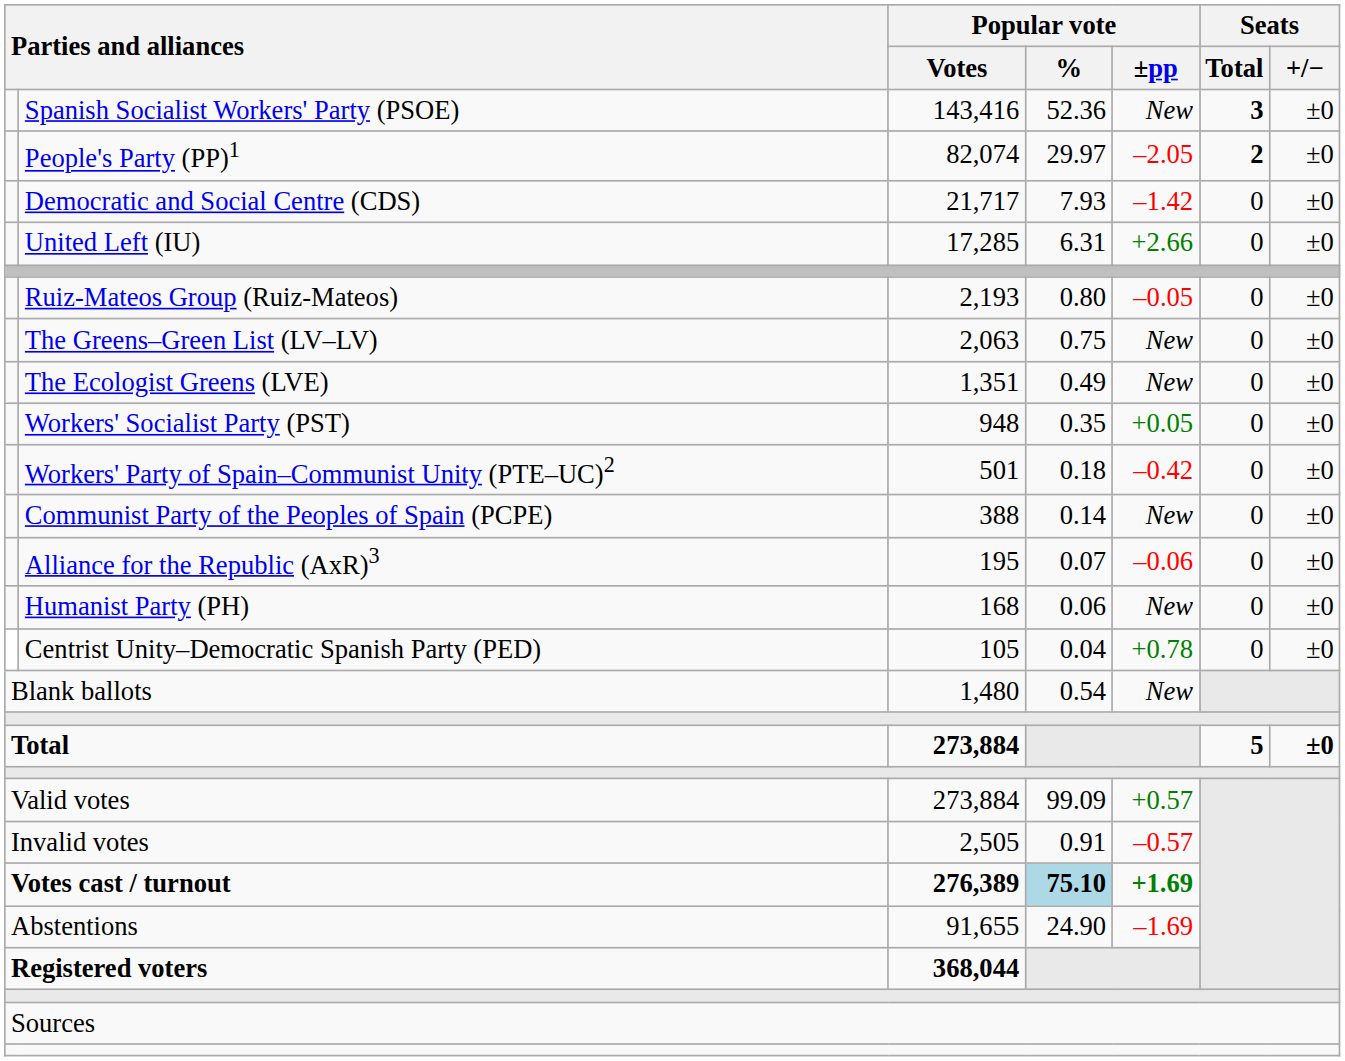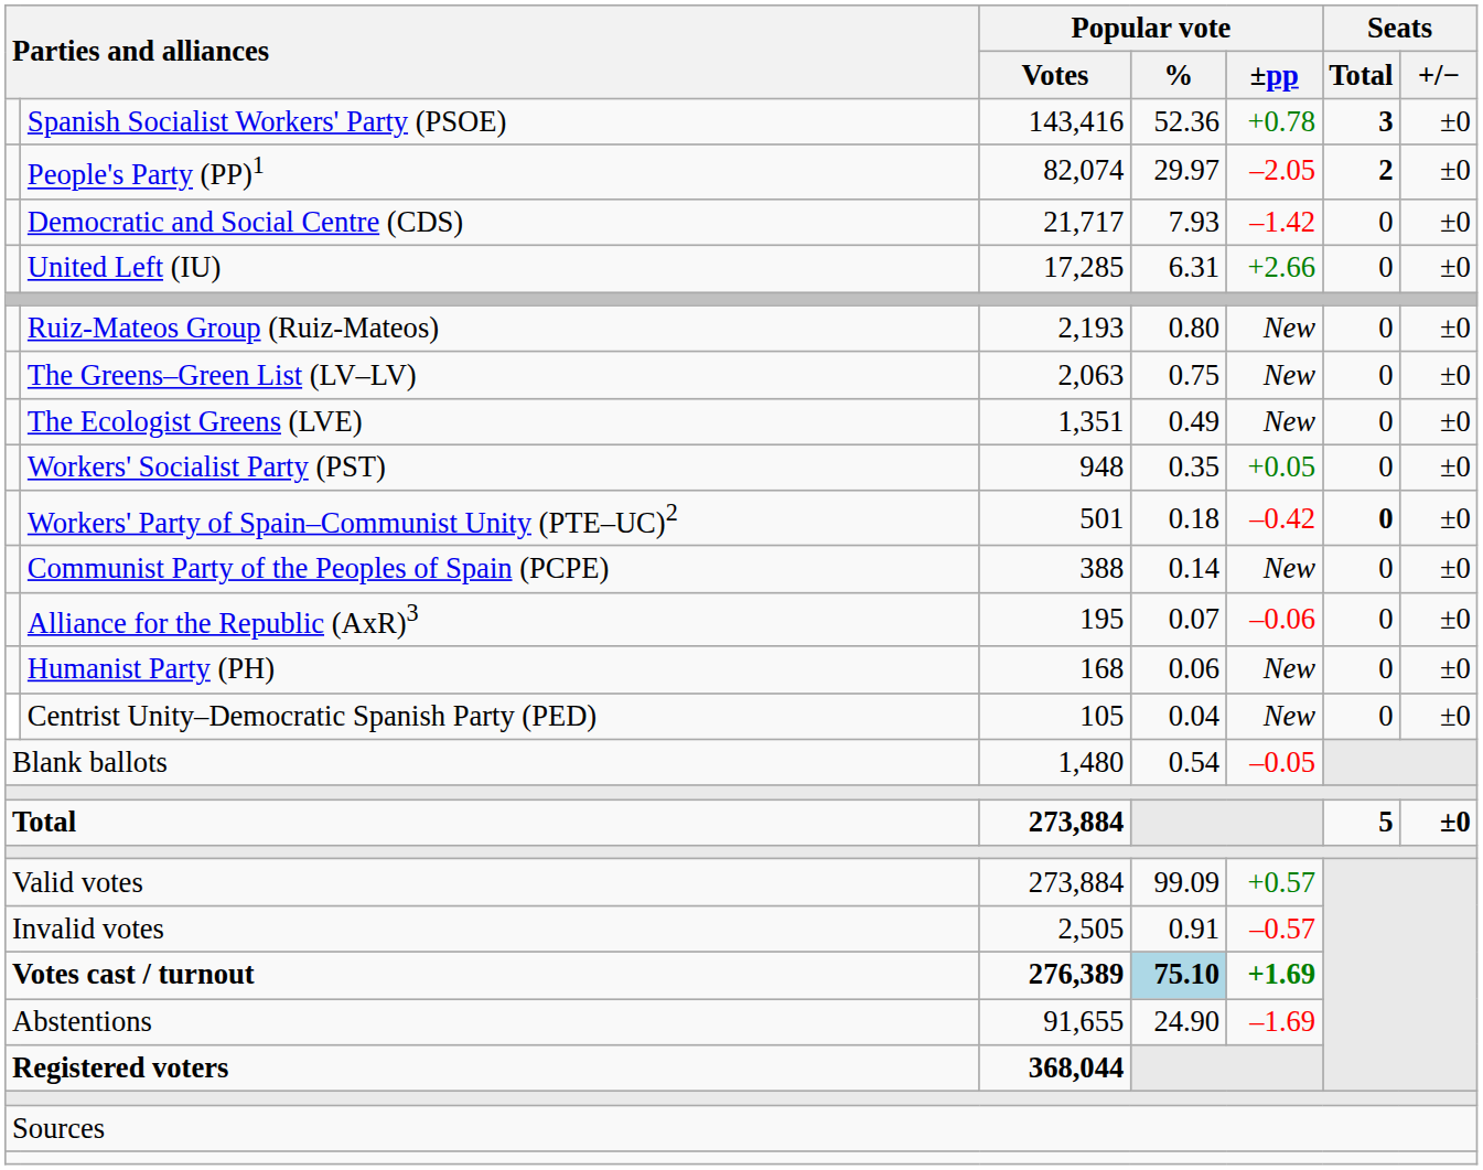 <table class="wikitable" style="text-align:right;">
 <tr>
 <th style="text-align:left;" rowspan="2" colspan="2" width="525">Parties and alliances</th>
 <th colspan="3">Popular vote</th>
 <th colspan="2">Seats</th>
 </tr>
 <tr>
 <th width="75">Votes</th>
 <th width="45">%</th>
 <th width="45">±<a href='#'>pp</a></th>
 <th width="35">Total</th>
 <th width="35">+/−</th>
 </tr>
 <tr>
 <td width="1" style="color:inherit;background:"></td>
 <td align="left"><a href='#'>Spanish Socialist Workers' Party</a> (PSOE)</td>
 <td>143,416</td>
 <td>52.36</td>
-<td><em>New</em></td>
+<td style="color:green;">+0.78</td>
 <td><strong>3</strong></td>
 <td>±0</td>
 </tr>
 <tr>
 <td style="color:inherit;background:"></td>
 <td align="left"><a href='#'>People's Party</a> (PP)<sup>1</sup></td>
 <td>82,074</td>
 <td>29.97</td>
 <td style="color:red;">–2.05</td>
 <td><strong>2</strong></td>
 <td>±0</td>
 </tr>
 <tr>
 <td style="color:inherit;background:"></td>
 <td align="left"><a href='#'>Democratic and Social Centre</a> (CDS)</td>
 <td>21,717</td>
 <td>7.93</td>
 <td style="color:red;">–1.42</td>
 <td>0</td>
 <td>±0</td>
 </tr>
 <tr>
 <td style="color:inherit;background:"></td>
 <td align="left"><a href='#'>United Left</a> (IU)</td>
 <td>17,285</td>
 <td>6.31</td>
 <td style="color:green;">+2.66</td>
 <td>0</td>
 <td>±0</td>
 </tr>
 <tr>
 <td colspan="7" bgcolor="#C0C0C0"></td>
 </tr>
 <tr>
 <td style="color:inherit;background:"></td>
 <td align="left"><a href='#'>Ruiz-Mateos Group</a> (Ruiz-Mateos)</td>
 <td>2,193</td>
 <td>0.80</td>
-<td style="color:red;">–0.05</td>
+<td><em>New</em></td>
 <td>0</td>
 <td>±0</td>
 </tr>
 <tr>
 <td style="color:inherit;background:"></td>
 <td align="left"><a href='#'>The Greens–Green List</a> (LV–LV)</td>
 <td>2,063</td>
 <td>0.75</td>
 <td><em>New</em></td>
 <td>0</td>
 <td>±0</td>
 </tr>
 <tr>
 <td style="color:inherit;background:"></td>
 <td align="left"><a href='#'>The Ecologist Greens</a> (LVE)</td>
 <td>1,351</td>
 <td>0.49</td>
 <td><em>New</em></td>
 <td>0</td>
 <td>±0</td>
 </tr>
 <tr>
 <td style="color:inherit;background:"></td>
 <td align="left"><a href='#'>Workers' Socialist Party</a> (PST)</td>
 <td>948</td>
 <td>0.35</td>
 <td style="color:green;">+0.05</td>
 <td>0</td>
 <td>±0</td>
 </tr>
 <tr>
 <td style="color:inherit;background:"></td>
 <td align="left"><a href='#'>Workers' Party of Spain–Communist Unity</a> (PTE–UC)<sup>2</sup></td>
 <td>501</td>
 <td>0.18</td>
 <td style="color:red;">–0.42</td>
-<td>0</td>
+<td><strong>0</strong></td>
 <td>±0</td>
 </tr>
 <tr>
 <td style="color:inherit;background:"></td>
 <td align="left"><a href='#'>Communist Party of the Peoples of Spain</a> (PCPE)</td>
 <td>388</td>
 <td>0.14</td>
 <td><em>New</em></td>
 <td>0</td>
 <td>±0</td>
 </tr>
 <tr>
 <td style="color:inherit;background:"></td>
 <td align="left"><a href='#'>Alliance for the Republic</a> (AxR)<sup>3</sup></td>
 <td>195</td>
 <td>0.07</td>
 <td style="color:red;">–0.06</td>
 <td>0</td>
 <td>±0</td>
 </tr>
 <tr>
 <td style="color:inherit;background:"></td>
 <td align="left"><a href='#'>Humanist Party</a> (PH)</td>
 <td>168</td>
 <td>0.06</td>
 <td><em>New</em></td>
 <td>0</td>
 <td>±0</td>
 </tr>
 <tr>
 <td bgcolor="white"></td>
 <td align="left">Centrist Unity–Democratic Spanish Party (PED)</td>
 <td>105</td>
 <td>0.04</td>
-<td style="color:green;">+0.78</td>
+<td><em>New</em></td>
 <td>0</td>
 <td>±0</td>
 </tr>
 <tr>
 <td align="left" colspan="2">Blank ballots</td>
 <td>1,480</td>
 <td>0.54</td>
-<td><em>New</em></td>
+<td style="color:red;">–0.05</td>
 <td bgcolor="#E9E9E9" colspan="2"></td>
 </tr>
 <tr>
 <td colspan="7" bgcolor="#E9E9E9"></td>
 </tr>
 <tr style="font-weight:bold;">
 <td align="left" colspan="2">Total</td>
 <td>273,884</td>
 <td bgcolor="#E9E9E9" colspan="2"></td>
 <td>5</td>
 <td>±0</td>
 </tr>
 <tr>
 <td colspan="7" bgcolor="#E9E9E9"></td>
 </tr>
 <tr>
 <td align="left" colspan="2">Valid votes</td>
 <td>273,884</td>
 <td>99.09</td>
 <td style="color:green;">+0.57</td>
 <td bgcolor="#E9E9E9" colspan="2" rowspan="5"></td>
 </tr>
 <tr>
 <td align="left" colspan="2">Invalid votes</td>
 <td>2,505</td>
 <td>0.91</td>
 <td style="color:red;">–0.57</td>
 </tr>
 <tr style="font-weight:bold;">
 <td align="left" colspan="2">Votes cast / turnout</td>
 <td>276,389</td>
 <td style="background: lightblue;">75.10</td>
 <td style="color:green;">+1.69</td>
 </tr>
 <tr>
 <td align="left" colspan="2">Abstentions</td>
 <td>91,655</td>
 <td>24.90</td>
 <td style="color:red;">–1.69</td>
 </tr>
 <tr style="font-weight:bold;">
 <td align="left" colspan="2">Registered voters</td>
 <td>368,044</td>
 <td bgcolor="#E9E9E9" colspan="2"></td>
 </tr>
 <tr>
 <td colspan="7" bgcolor="#E9E9E9"></td>
 </tr>
 <tr>
 <td align="left" colspan="7">Sources</td>
 </tr>
 <tr>
 <td colspan="7" style="text-align:left; max-width:790px;"></td>
 </tr>
 </table>
